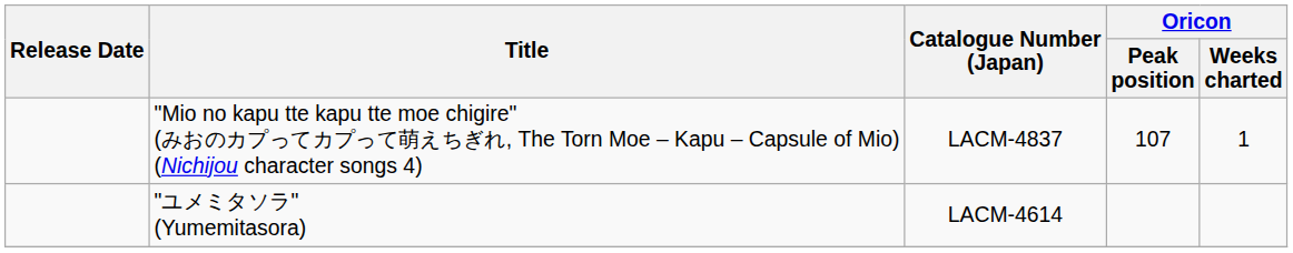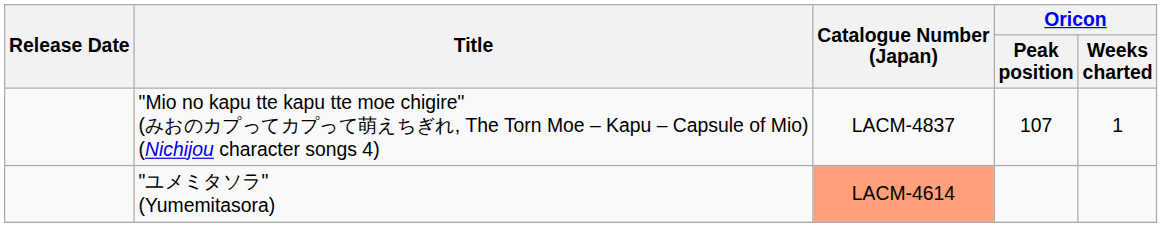 <table class="wikitable plainrowheaders" style="text-align:center">
 <tr>
 <th rowspan=2; style=>Release Date</th>
 <th rowspan=2; style=>Title</th>
 <th rowspan=2;>Catalogue Number <br>(Japan)</th>
 <th colspan=2; style=><a href='#'>Oricon</a><br></th>
 </tr>
 <tr>
 <th style=>Peak<br>position</th>
 <th style=>Weeks<br> charted</th>
 </tr>
 <tr>
 <td></td>
 <td align=left>"Mio no kapu tte kapu tte moe chigire"<br> (みおのカプってカプって萌えちぎれ, The Torn Moe – Kapu – Capsule of Mio)<br>(<em><a href='#'>Nichijou</a></em> character songs 4)</td>
 <td>LACM-4837</td>
 <td>107</td>
 <td>1</td>
 </tr>
 <tr>
 <td></td>
 <td align=left>"ユメミタソラ"<br>(Yumemitasora)</td>
-<td>LACM-4614</td>
+<td style="background: lightsalmon;">LACM-4614</td>
 <td></td>
 <td></td>
 </tr>
 <tr>
 </tr>
 </table>
